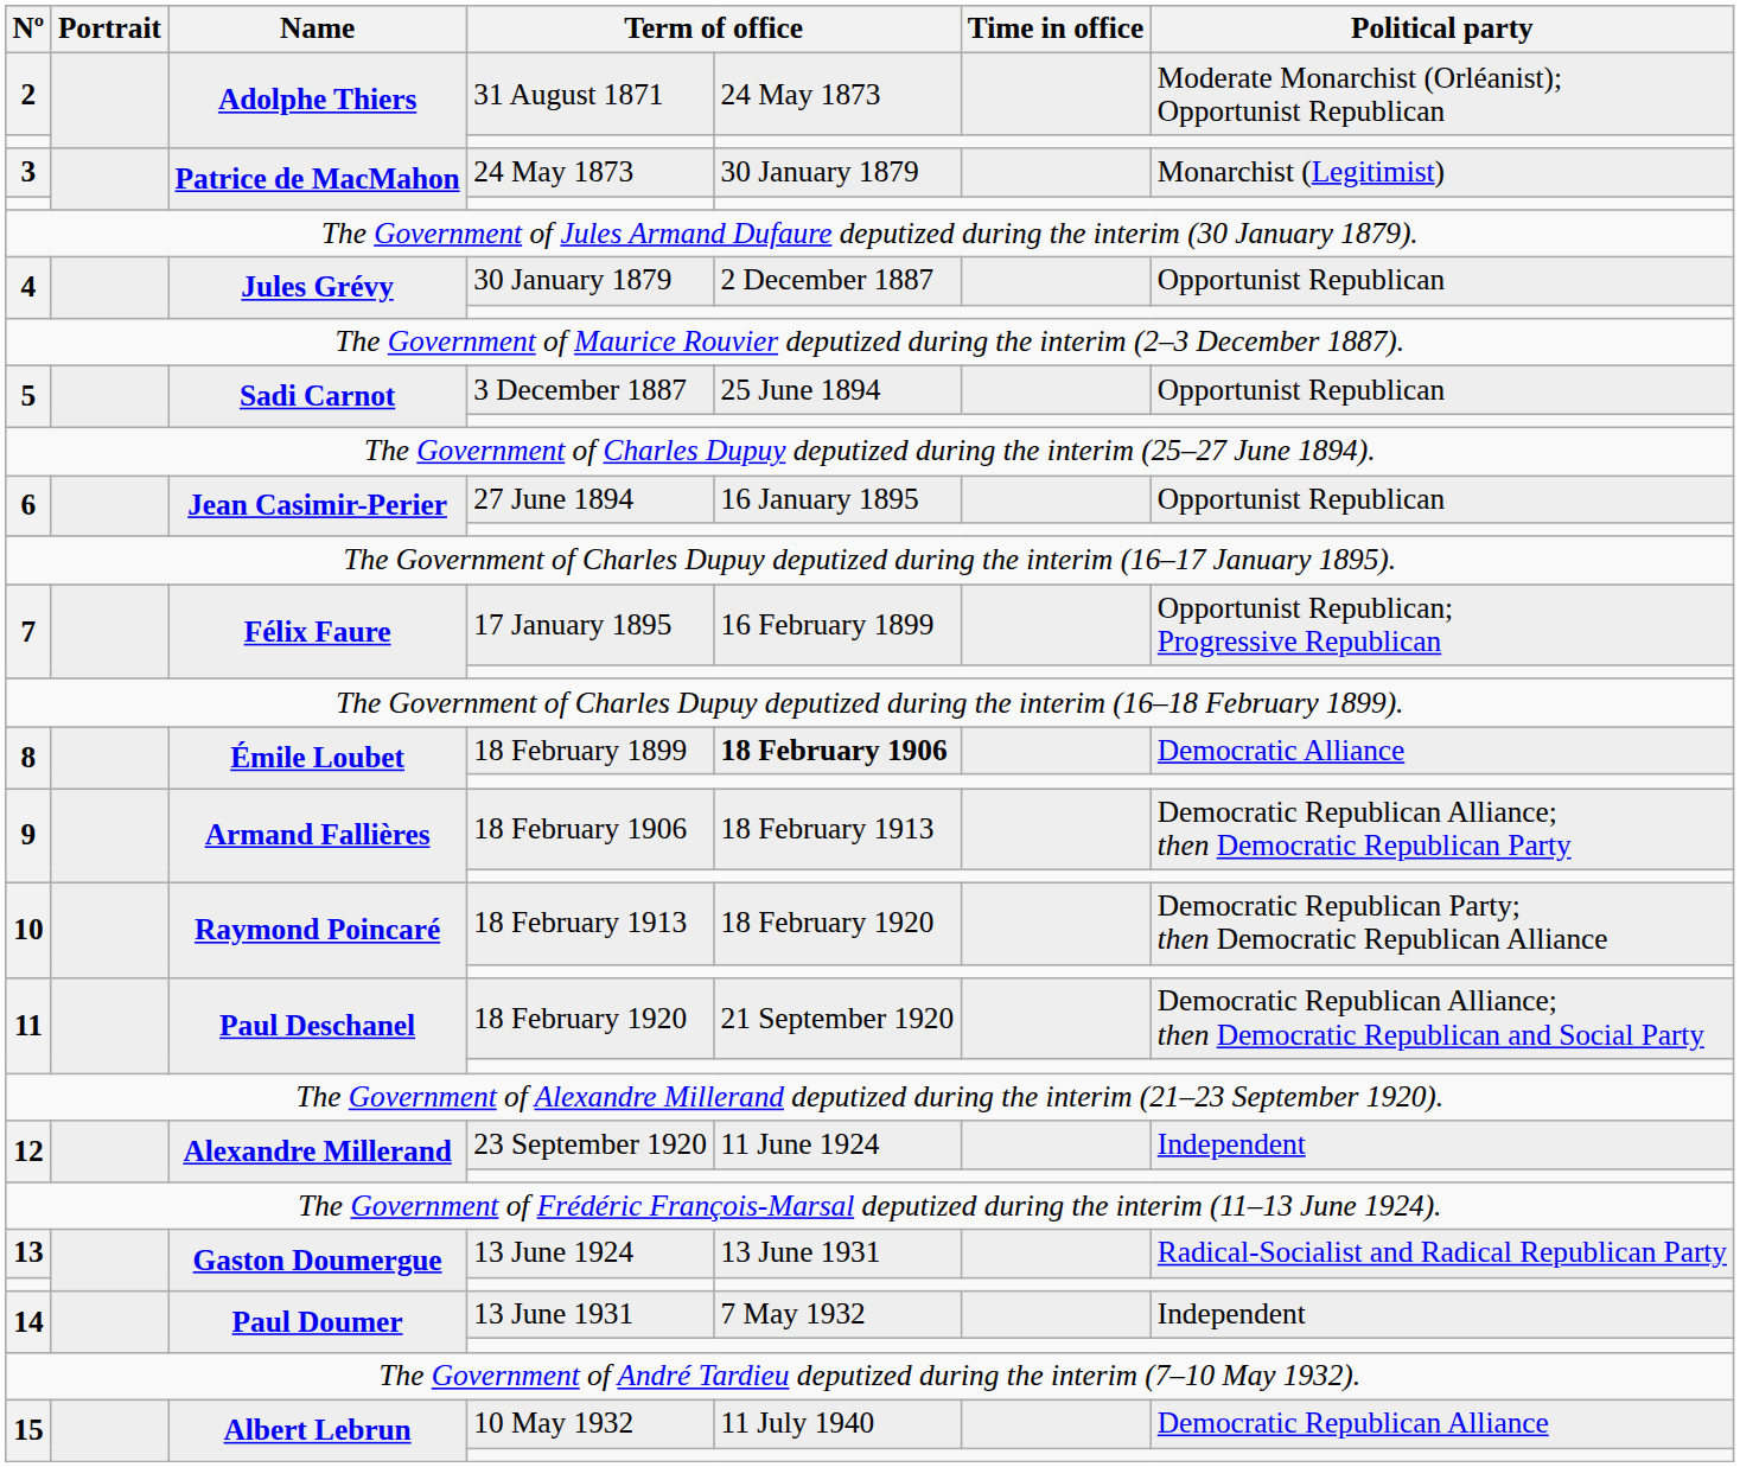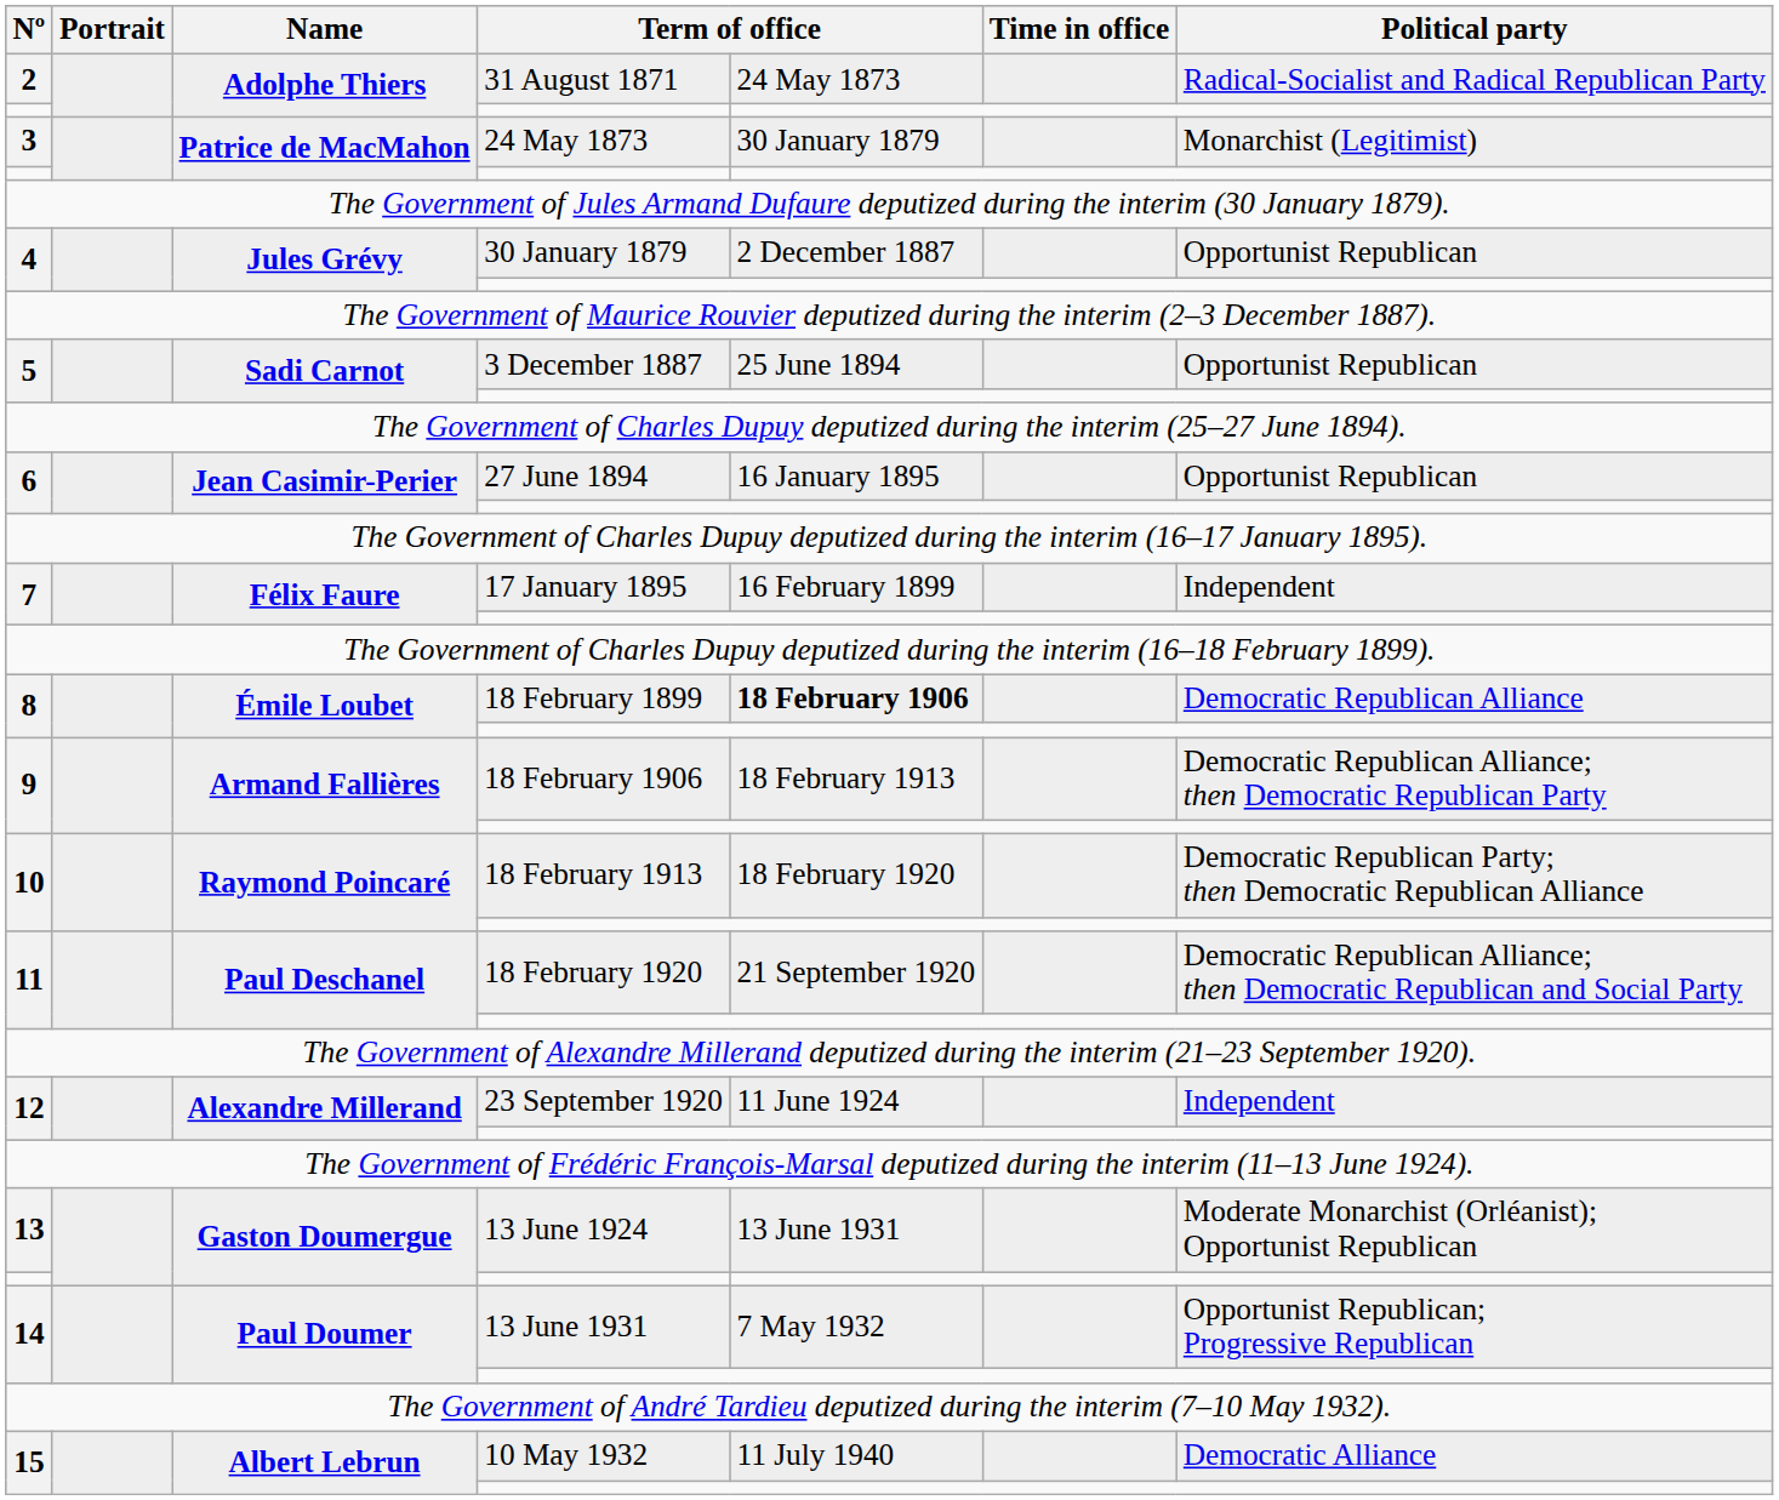 <table class="wikitable">
 <tr>
 <th>Nº</th>
 <th>Portrait</th>
 <th>Name<br></th>
 <th colspan=2>Term of office</th>
 <th>Time in office</th>
 <th>Political party</th>
 </tr>
 <tr bgcolor=#EEEEEE>
 <th style="background:">2</th>
 <td rowspan=2></td>
 <td rowspan=2 align=center><strong><a href='#'>Adolphe Thiers</a></strong><br></td>
 <td>31 August 1871</td>
 <td>24 May 1873</td>
 <td></td>
-<td>Moderate Monarchist (Orléanist);<br>Opportunist Republican</td>
+<td><a href='#'>Radical-Socialist and Radical Republican Party</a></td>
 </tr>
 <tr>
 <td colspan=4></td>
 </tr>
 <tr bgcolor=#EEEEEE>
 <th style="background:">3</th>
 <td rowspan=2></td>
 <td rowspan=2 align=center><strong><a href='#'>Patrice de MacMahon</a></strong><br></td>
 <td>24 May 1873</td>
 <td>30 January 1879</td>
 <td></td>
 <td>Monarchist (<a href='#'>Legitimist</a>)</td>
 </tr>
 <tr>
 <td colspan=4></td>
 </tr>
 <tr>
 <td colspan=8 align=center><em>The <a href='#'>Government</a> of <a href='#'>Jules Armand Dufaure</a> deputized during the interim (30 January 1879).</em></td>
 </tr>
 <tr bgcolor=#EEEEEE>
 <th rowspan=2 style="background:">4</th>
 <td rowspan=2></td>
 <td rowspan=2 align=center><strong><a href='#'>Jules Grévy</a></strong><br></td>
 <td>30 January 1879</td>
 <td>2 December 1887</td>
 <td></td>
 <td>Opportunist Republican</td>
 </tr>
 <tr>
 <td colspan=4></td>
 </tr>
 <tr>
 <td colspan=8 align=center><em>The <a href='#'>Government</a> of <a href='#'>Maurice Rouvier</a> deputized during the interim (2–3 December 1887).</em></td>
 </tr>
 <tr bgcolor=#EEEEEE>
 <th rowspan=2 style="background:">5</th>
 <td rowspan=2></td>
 <td rowspan=2 align=center><strong><a href='#'>Sadi Carnot</a></strong><br></td>
 <td>3 December 1887</td>
 <td>25 June 1894</td>
 <td></td>
 <td>Opportunist Republican</td>
 </tr>
 <tr>
 <td colspan=4></td>
 </tr>
 <tr>
 <td colspan=8 align=center><em>The <a href='#'>Government</a> of <a href='#'>Charles Dupuy</a> deputized during the interim (25–27 June 1894).</em></td>
 </tr>
 <tr bgcolor=#EEEEEE>
 <th rowspan=2 style="background:">6</th>
 <td rowspan=2></td>
 <td rowspan=2 align=center><strong><a href='#'>Jean Casimir-Perier</a></strong><br></td>
 <td>27 June 1894</td>
 <td>16 January 1895</td>
 <td></td>
 <td>Opportunist Republican</td>
 </tr>
 <tr>
 <td colspan=4></td>
 </tr>
 <tr>
 <td colspan=8 align=center><em>The Government of Charles Dupuy deputized during the interim (16–17 January 1895).</em></td>
 </tr>
 <tr bgcolor=#EEEEEE>
 <th rowspan=2 style="background:">7</th>
 <td rowspan=2></td>
 <td rowspan=2 align=center><strong><a href='#'>Félix Faure</a></strong><br></td>
 <td>17 January 1895</td>
 <td>16 February 1899</td>
 <td></td>
-<td>Opportunist Republican;<br><a href='#'>Progressive Republican</a></td>
+<td>Independent</td>
 </tr>
 <tr>
 <td colspan=4></td>
 </tr>
 <tr>
 <td colspan=8 align=center><em>The Government of Charles Dupuy deputized during the interim (16–18 February 1899).</em></td>
 </tr>
 <tr bgcolor=#EEEEEE>
 <th rowspan=2 style="background:">8</th>
 <td rowspan=2></td>
 <td rowspan=2 align=center><strong><a href='#'>Émile Loubet</a></strong><br></td>
 <td>18 February 1899</td>
 <td><strong>18 February 1906</strong></td>
 <td></td>
-<td><a href='#'>Democratic Alliance</a></td>
+<td><a href='#'>Democratic Republican Alliance</a></td>
 </tr>
 <tr>
 <td colspan=4></td>
 </tr>
 <tr bgcolor=#EEEEEE>
 <th rowspan=2 style="background:">9</th>
 <td rowspan=2></td>
 <td rowspan=2 align=center><strong><a href='#'>Armand Fallières</a></strong><br></td>
 <td>18 February 1906</td>
 <td>18 February 1913</td>
 <td></td>
 <td>Democratic Republican Alliance;<br><em>then</em> <a href='#'>Democratic Republican Party</a></td>
 </tr>
 <tr>
 <td colspan=4></td>
 </tr>
 <tr bgcolor=#EEEEEE>
 <th rowspan=2 style="background:">10</th>
 <td rowspan=2></td>
 <td rowspan=2 align=center><strong><a href='#'>Raymond Poincaré</a></strong><br></td>
 <td>18 February 1913</td>
 <td>18 February 1920</td>
 <td></td>
 <td>Democratic Republican Party;<br><em>then</em> Democratic Republican Alliance</td>
 </tr>
 <tr>
 <td colspan=4></td>
 </tr>
 <tr bgcolor=#EEEEEE>
 <th rowspan=2 style="background:">11</th>
 <td rowspan=2></td>
 <td rowspan=2 align=center><strong><a href='#'>Paul Deschanel</a></strong><br></td>
 <td>18 February 1920</td>
 <td>21 September 1920</td>
 <td></td>
 <td>Democratic Republican Alliance;<br><em>then</em> <a href='#'>Democratic Republican and Social Party</a></td>
 </tr>
 <tr>
 <td colspan=4></td>
 </tr>
 <tr>
 <td colspan=8 align=center><em>The <a href='#'>Government</a> of <a href='#'>Alexandre Millerand</a> deputized during the interim (21–23 September 1920).</em></td>
 </tr>
 <tr bgcolor="#EEEEEE">
 <th rowspan=2 style="background:">12</th>
 <td rowspan=2></td>
 <td rowspan=2 align=center><strong><a href='#'>Alexandre Millerand</a></strong><br></td>
 <td>23 September 1920</td>
 <td>11 June 1924</td>
 <td></td>
 <td><a href='#'>Independent</a></td>
 </tr>
 <tr>
 <td colspan=4></td>
 </tr>
 <tr>
 <td colspan=8 align=center><em>The <a href='#'>Government</a> of <a href='#'>Frédéric François-Marsal</a> deputized during the interim (11–13 June 1924).</em></td>
 </tr>
 <tr bgcolor=#EEEEEE>
 <th style="background:">13</th>
 <td rowspan=2></td>
 <td rowspan=2 align=center><strong><a href='#'>Gaston Doumergue</a></strong><br></td>
 <td>13 June 1924</td>
 <td>13 June 1931</td>
 <td></td>
-<td><a href='#'>Radical-Socialist and Radical Republican Party</a></td>
+<td>Moderate Monarchist (Orléanist);<br>Opportunist Republican</td>
 </tr>
 <tr>
 <td colspan=4></td>
 </tr>
 <tr bgcolor=#EEEEEE>
 <th rowspan=2 style="background:">14</th>
 <td rowspan=2></td>
 <td rowspan=2 align=center><strong><a href='#'>Paul Doumer</a></strong><br></td>
 <td>13 June 1931</td>
 <td>7 May 1932</td>
 <td></td>
-<td>Independent</td>
+<td>Opportunist Republican;<br><a href='#'>Progressive Republican</a></td>
 </tr>
 <tr>
 <td colspan=4></td>
 </tr>
 <tr>
 <td colspan=8 align=center><em>The <a href='#'>Government</a> of <a href='#'>André Tardieu</a> deputized during the interim (7–10 May 1932).</em></td>
 </tr>
 <tr bgcolor=#EEEEEE>
 <th rowspan=2 style="background:">15</th>
 <td rowspan=2></td>
 <td rowspan=2 align=center><strong><a href='#'>Albert Lebrun</a></strong><br></td>
 <td>10 May 1932</td>
 <td>11 July 1940<br></td>
 <td></td>
-<td><a href='#'>Democratic Republican Alliance</a></td>
+<td><a href='#'>Democratic Alliance</a></td>
 </tr>
 <tr>
 <td colspan=4></td>
 </tr>
 </table>
